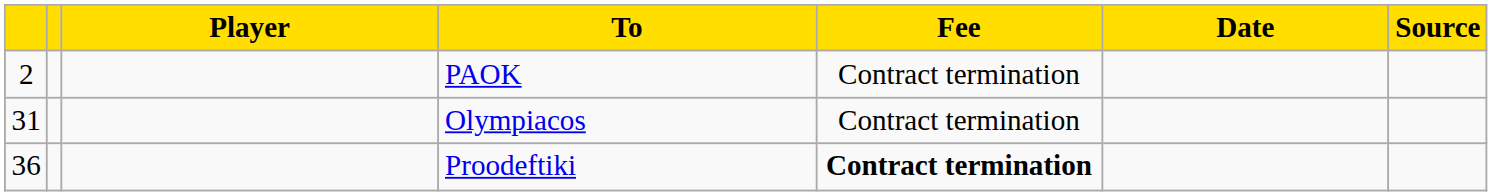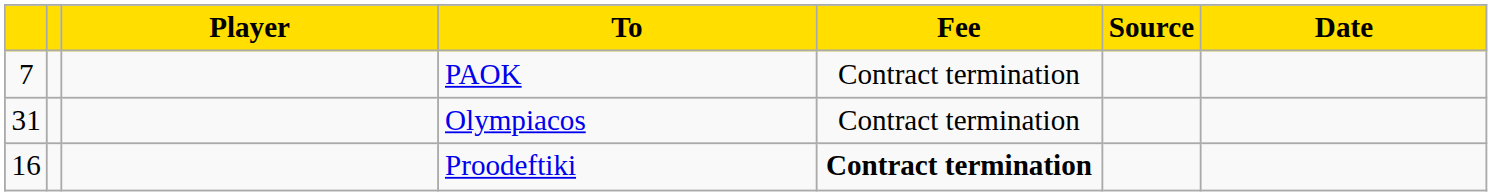 <table class="wikitable sortable">
 <tr>
 <th style="background:#FFDE00"></th>
 <th style="background:#FFDE00"></th>
 <th width=200 style="background:#FFDE00">Player</th>
 <th width=200 style="background:#FFDE00">To</th>
 <th width=150 style="background:#FFDE00">Fee</th>
+<th style="background:#FFDE00">Source</th>
 <th width=150 style="background:#FFDE00">Date</th>
-<th style="background:#FFDE00">Source</th>
 </tr>
 <tr>
-<td align=center>2</td>
+<td align=center>7</td>
 <td align=center></td>
 <td></td>
 <td> <a href='#'>PAOK</a></td>
 <td align=center>Contract termination</td>
 <td align=center></td>
 <td align=center></td>
 </tr>
 <tr>
 <td align=center>31</td>
 <td align=center></td>
 <td></td>
 <td> <a href='#'>Olympiacos</a></td>
 <td align=center>Contract termination</td>
 <td align=center></td>
 <td align=center></td>
 </tr>
 <tr>
-<td align=center>36</td>
+<td align=center>16</td>
 <td align=center></td>
 <td></td>
 <td> <a href='#'>Proodeftiki</a></td>
 <td align=center><strong>Contract termination</strong></td>
 <td align=center></td>
 <td align=center></td>
 </tr>
 </table>
